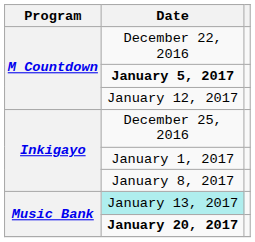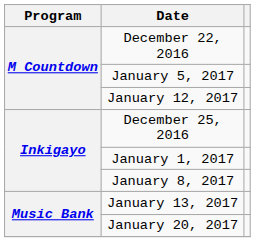 <table class="wikitable plainrowheaders sortable" style="text-align:center;">
 <tr>
 <th>Program</th>
 <th width="130">Date</th>
 <th class="unsortable"></th>
 </tr>
 <tr>
 <th scope="row" rowspan=3><em><a href='#'>M Countdown</a></em></th>
 <td>December 22, 2016</td>
 <td></td>
 </tr>
 <tr>
-<td><strong>January 5, 2017</strong></td>
+<td>January 5, 2017</td>
 <td></td>
 </tr>
 <tr>
 <td>January 12, 2017</td>
 <td></td>
 </tr>
 <tr>
 <th scope="row" rowspan=3><em><a href='#'>Inkigayo</a></em></th>
 <td>December 25, 2016</td>
 <td></td>
 </tr>
 <tr>
 <td>January 1, 2017</td>
 <td></td>
 </tr>
 <tr>
 <td>January 8, 2017</td>
 <td></td>
 </tr>
 <tr>
 <th scope="row" rowspan=2><em><a href='#'>Music Bank</a></em></th>
-<td style="background: paleturquoise;">January 13, 2017</td>
+<td>January 13, 2017</td>
 <td></td>
 </tr>
 <tr>
-<td><strong>January 20, 2017</strong></td>
+<td>January 20, 2017</td>
 <td></td>
 </tr>
 <tr>
 </tr>
 </table>
